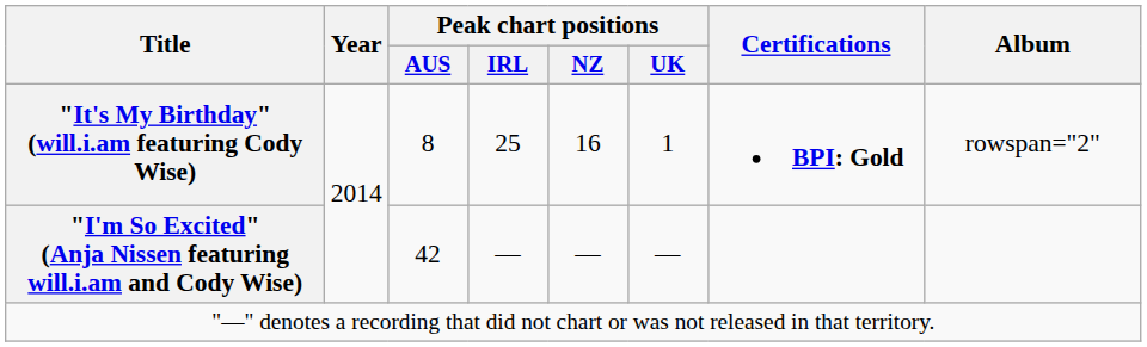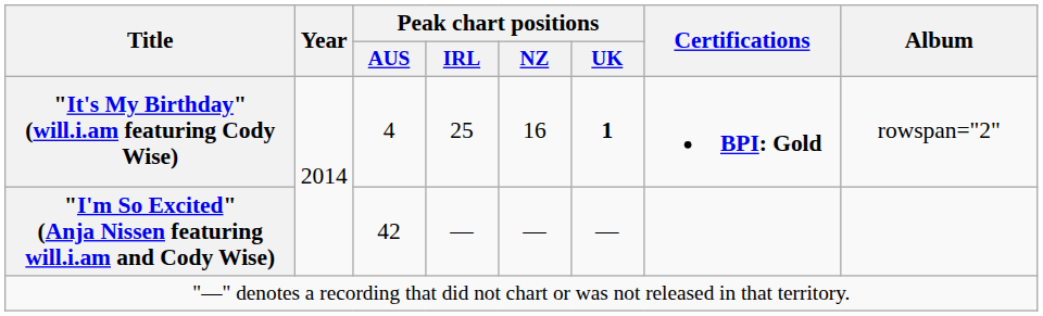 <table class="wikitable plainrowheaders" style="text-align:center;">
 <tr>
 <th scope="col" rowspan="2" style="width:12em;">Title</th>
 <th scope="col" rowspan="2" style="width:1em;">Year</th>
 <th scope="col" colspan="4">Peak chart positions</th>
 <th scope="col" rowspan="2" style="width:8em;"><a href='#'>Certifications</a></th>
 <th scope="col" rowspan="2" style="width:8em;">Album</th>
 </tr>
 <tr>
 <th scope="col" style="width:3em;font-size:90%;"><a href='#'>AUS</a><br></th>
 <th scope="col" style="width:3em;font-size:90%;"><a href='#'>IRL</a><br></th>
 <th scope="col" style="width:3em;font-size:90%;"><a href='#'>NZ</a><br></th>
 <th scope="col" style="width:3em;font-size:90%;"><a href='#'>UK</a><br></th>
 </tr>
 <tr>
 <th scope="row">"<a href='#'>It's My Birthday</a>"<br><span>(<a href='#'>will.i.am</a> featuring Cody Wise)</span></th>
 <td rowspan="2">2014</td>
-<td>8</td>
+<td>4</td>
 <td>25</td>
 <td>16</td>
-<td>1</td>
+<td><strong>1</strong></td>
 <td><strong><br><ul><li><a href='#'>BPI</a>: Gold</li></ul></strong></td>
 <td>rowspan="2" </td>
 </tr>
 <tr>
 <th scope="row">"<a href='#'>I'm So Excited</a>"<br><span>(<a href='#'>Anja Nissen</a> featuring <a href='#'>will.i.am</a> and Cody Wise)</span></th>
 <td>42</td>
 <td>—</td>
 <td>—</td>
 <td>—</td>
 <td></td>
 </tr>
 <tr>
 <td colspan="14" style="font-size:90%">"—" denotes a recording that did not chart or was not released in that territory.</td>
 </tr>
 </table>
